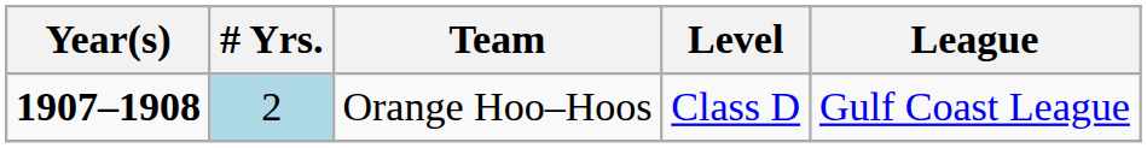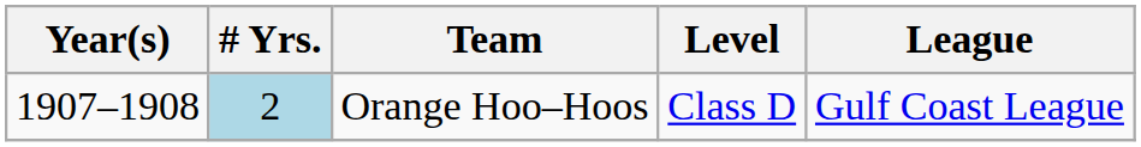 <table class="wikitable" style="text-align:center; font-size: 95%;">
 <tr>
 <th>Year(s)</th>
 <th># Yrs.</th>
 <th>Team</th>
 <th>Level</th>
 <th>League</th>
 </tr>
 <tr>
-<td><strong>1907–1908</strong></td>
+<td>1907–1908</td>
 <td style="background: lightblue;">2</td>
 <td>Orange Hoo–Hoos</td>
 <td><a href='#'>Class D</a></td>
 <td><a href='#'>Gulf Coast League</a></td>
 </tr>
 <tr>
 </tr>
 </table>
